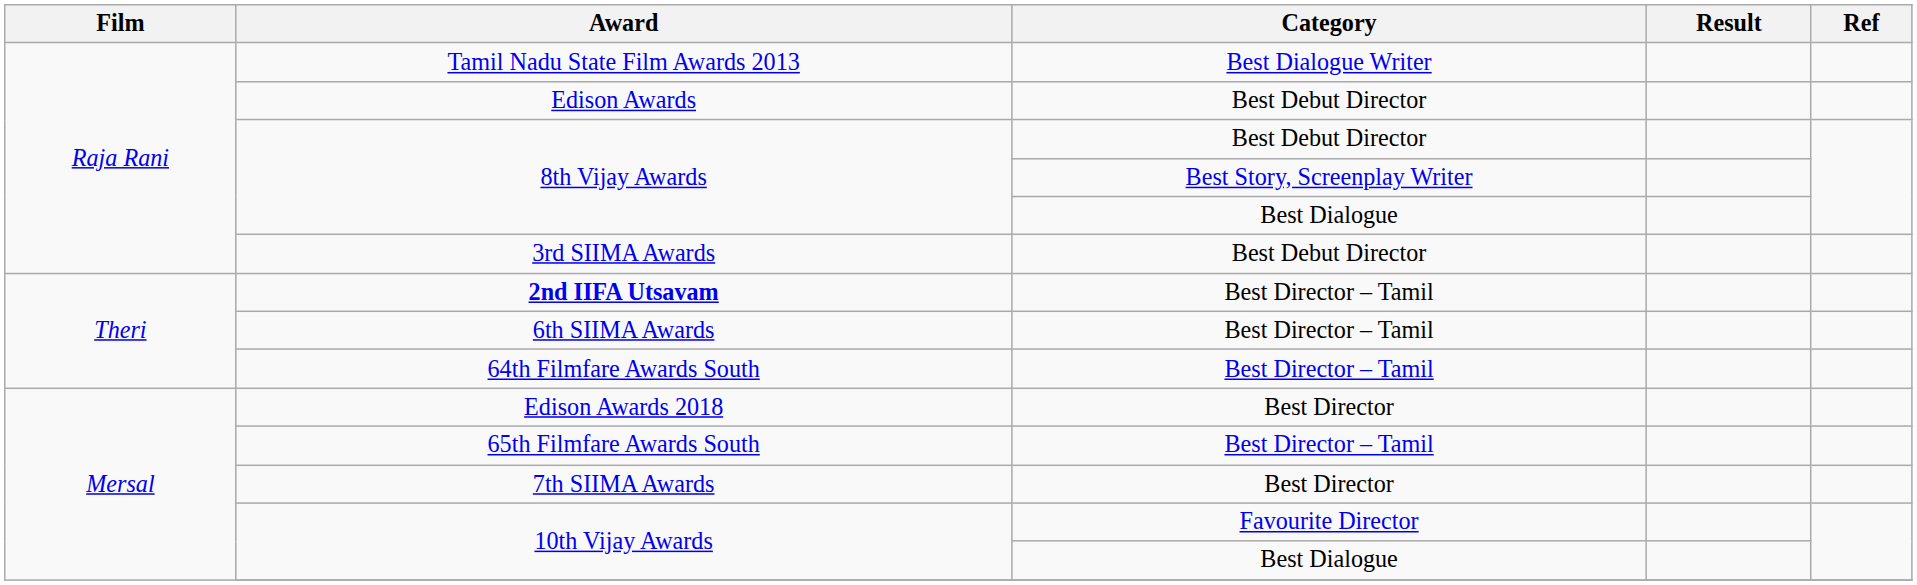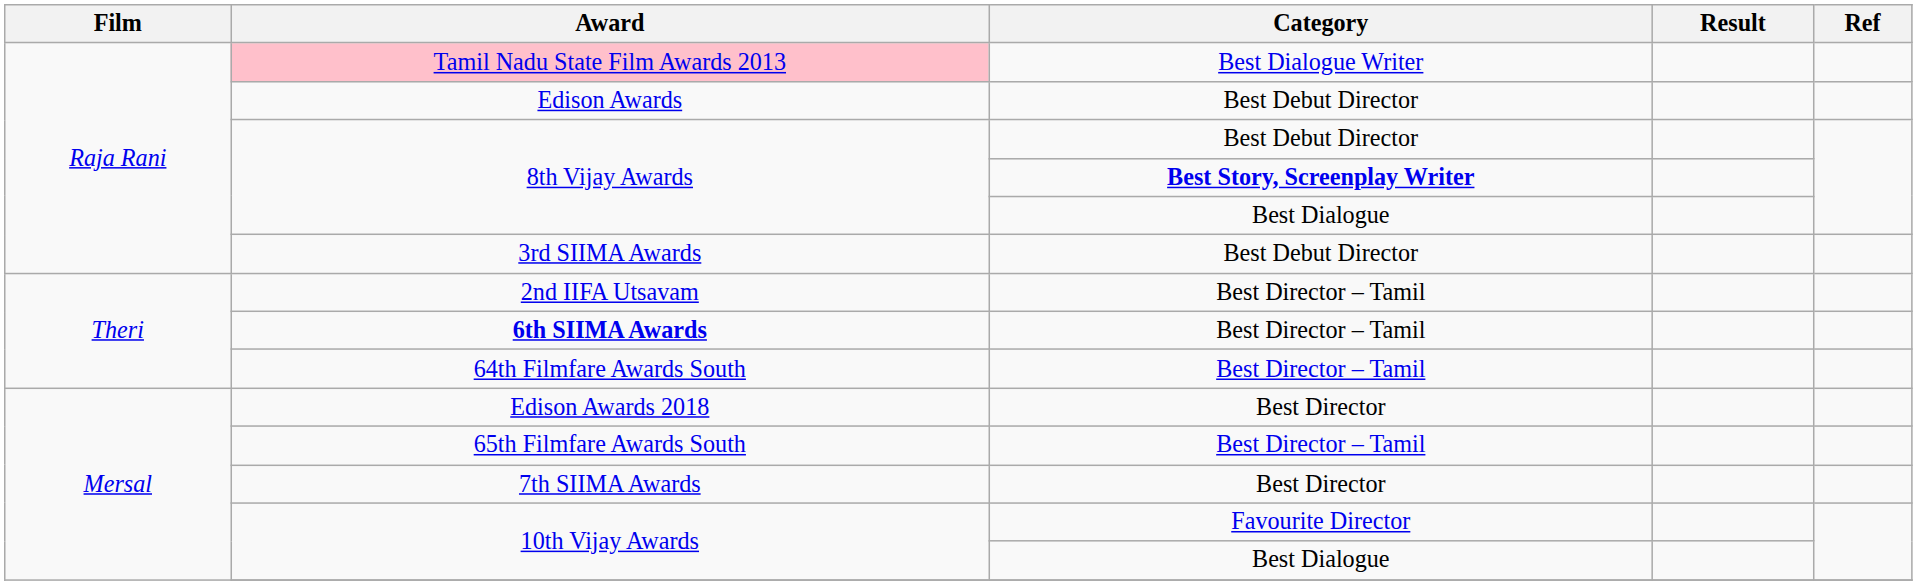 <table class="wikitable sortable" style="width: 100%; text-align: center;">
 <tr>
 <th>Film</th>
 <th>Award</th>
 <th>Category</th>
 <th>Result</th>
 <th class="unsortable">Ref</th>
 </tr>
 <tr>
 <td rowspan=6><em><a href='#'>Raja Rani</a></em></td>
-<td><a href='#'>Tamil Nadu State Film Awards 2013</a></td>
+<td style="background: pink;"><a href='#'>Tamil Nadu State Film Awards 2013</a></td>
 <td><a href='#'>Best Dialogue Writer</a></td>
 <td></td>
 <td></td>
 </tr>
 <tr>
 <td><a href='#'>Edison Awards</a></td>
 <td>Best Debut Director</td>
 <td></td>
 <td></td>
 </tr>
 <tr>
 <td rowspan=3><a href='#'>8th Vijay Awards</a></td>
 <td>Best Debut Director</td>
 <td></td>
 <td rowspan=3></td>
 </tr>
 <tr>
-<td><a href='#'>Best Story, Screenplay Writer</a></td>
+<td><strong><a href='#'>Best Story, Screenplay Writer</a></strong></td>
 <td></td>
 </tr>
 <tr>
 <td>Best Dialogue</td>
 <td></td>
 </tr>
 <tr>
 <td><a href='#'>3rd SIIMA Awards</a></td>
 <td>Best Debut Director</td>
 <td></td>
 <td></td>
 </tr>
 <tr>
 <td rowspan=3><em><a href='#'>Theri</a></em></td>
-<td><strong><a href='#'>2nd IIFA Utsavam</a></strong></td>
+<td><a href='#'>2nd IIFA Utsavam</a></td>
 <td>Best Director – Tamil</td>
 <td></td>
 <td></td>
 </tr>
 <tr>
-<td><a href='#'>6th SIIMA Awards</a></td>
+<td><strong><a href='#'>6th SIIMA Awards</a></strong></td>
 <td>Best Director – Tamil</td>
 <td></td>
 <td></td>
 </tr>
 <tr>
 <td><a href='#'>64th Filmfare Awards South</a></td>
 <td><a href='#'>Best Director – Tamil</a></td>
 <td></td>
 <td></td>
 </tr>
 <tr>
 <td rowspan=6><em><a href='#'>Mersal</a></em></td>
 <td><a href='#'>Edison Awards 2018</a></td>
 <td>Best Director</td>
 <td></td>
 <td></td>
 </tr>
 <tr>
 <td><a href='#'>65th Filmfare Awards South</a></td>
 <td><a href='#'>Best Director – Tamil</a></td>
 <td></td>
 <td></td>
 </tr>
 <tr>
 <td><a href='#'>7th SIIMA Awards</a></td>
 <td>Best Director</td>
 <td></td>
 <td></td>
 </tr>
 <tr>
 <td rowspan=2><a href='#'>10th Vijay Awards</a></td>
 <td><a href='#'>Favourite Director</a></td>
 <td></td>
 <td rowspan=2><br></td>
 </tr>
 <tr>
 <td>Best Dialogue</td>
 <td></td>
 </tr>
 <tr>
 </tr>
 </table>
